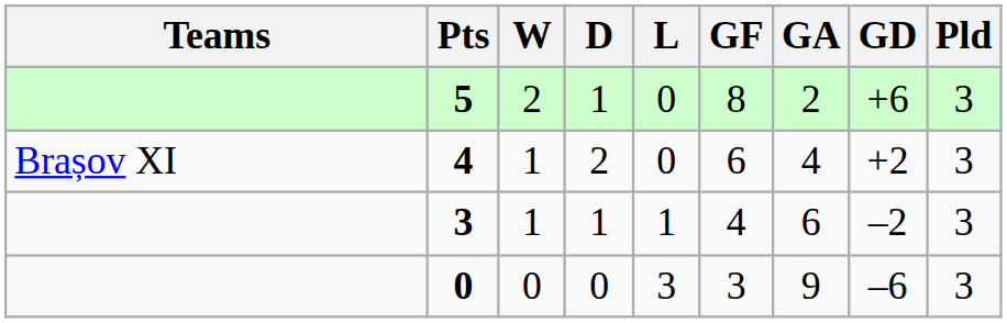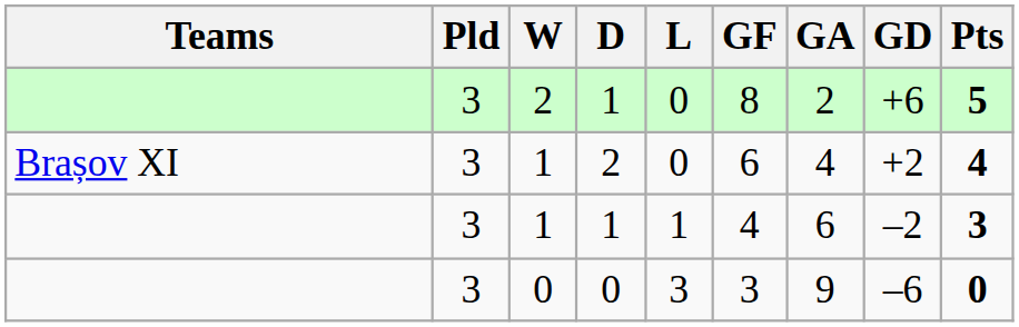 <table class="wikitable" style="text-align: center;">
 <tr>
 <th width=165>Teams</th>
-<th width=20>Pts</th>
+<th width=20>Pld</th>
 <th width=20>W</th>
 <th width=20>D</th>
 <th width=20>L</th>
 <th width=20>GF</th>
 <th width=20>GA</th>
 <th width=20>GD</th>
-<th width=20>Pld</th>
+<th width=20>Pts</th>
 </tr>
 <tr align=center style="background:#ccffcc;">
 <td style="text-align:left;"></td>
-<td><strong>5</strong></td>
+<td>3</td>
 <td>2</td>
 <td>1</td>
 <td>0</td>
 <td>8</td>
 <td>2</td>
 <td>+6</td>
-<td>3</td>
+<td><strong>5</strong></td>
 </tr>
 <tr align=center>
 <td style="text-align:left;"> <a href='#'>Brașov</a> XI</td>
-<td><strong>4</strong></td>
+<td>3</td>
 <td>1</td>
 <td>2</td>
 <td>0</td>
 <td>6</td>
 <td>4</td>
 <td>+2</td>
-<td>3</td>
+<td><strong>4</strong></td>
 </tr>
 <tr align=center>
 <td style="text-align:left;"></td>
-<td><strong>3</strong></td>
+<td>3</td>
 <td>1</td>
 <td>1</td>
 <td>1</td>
 <td>4</td>
 <td>6</td>
 <td>–2</td>
-<td>3</td>
+<td><strong>3</strong></td>
 </tr>
 <tr align=center>
 <td style="text-align:left;"></td>
-<td><strong>0</strong></td>
+<td>3</td>
 <td>0</td>
 <td>0</td>
 <td>3</td>
 <td>3</td>
 <td>9</td>
 <td>–6</td>
-<td>3</td>
+<td><strong>0</strong></td>
 </tr>
 </table>
